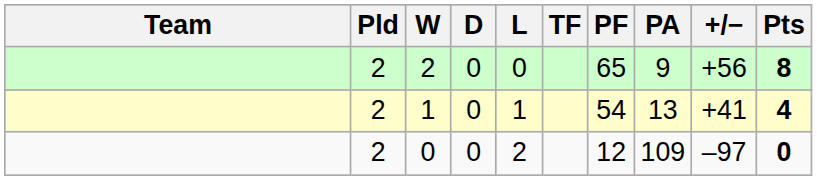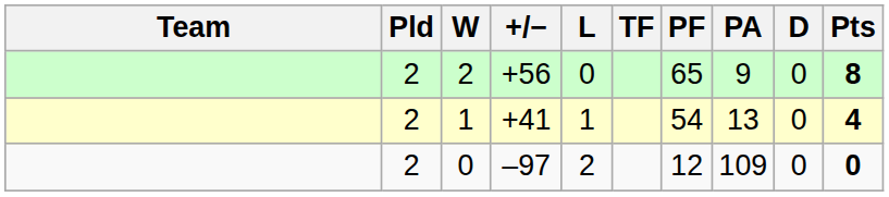 <table class="wikitable" style="text-align:center">
 <tr>
 <th width="200">Team</th>
 <th width="20">Pld</th>
 <th width="20">W</th>
-<th width="20">D</th>
+<th width="32">+/−</th>
 <th width="20">L</th>
 <th width="20">TF</th>
 <th width="20">PF</th>
 <th width="20">PA</th>
-<th width="32">+/−</th>
+<th width="20">D</th>
 <th width="20">Pts</th>
 </tr>
 <tr style="background:#cfc">
 <td style="text-align:left;"></td>
 <td>2</td>
 <td>2</td>
-<td>0</td>
+<td>+56</td>
 <td>0</td>
 <td></td>
 <td>65</td>
 <td>9</td>
-<td>+56</td>
+<td>0</td>
 <td><strong>8</strong></td>
 </tr>
 <tr style="background:#ffc">
 <td style="text-align:left;"></td>
 <td>2</td>
 <td>1</td>
-<td>0</td>
+<td>+41</td>
 <td>1</td>
 <td></td>
 <td>54</td>
 <td>13</td>
-<td>+41</td>
+<td>0</td>
 <td><strong>4</strong></td>
 </tr>
 <tr>
 <td style="text-align:left;"></td>
 <td>2</td>
 <td>0</td>
-<td>0</td>
+<td>–97</td>
 <td>2</td>
 <td></td>
 <td>12</td>
 <td>109</td>
-<td>–97</td>
+<td>0</td>
 <td><strong>0</strong></td>
 </tr>
 </table>
